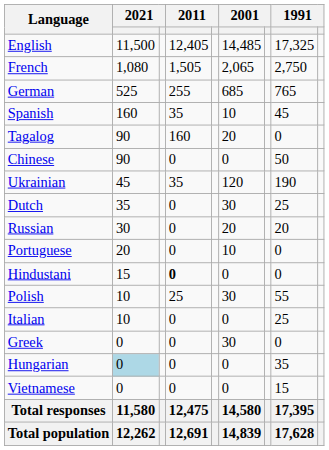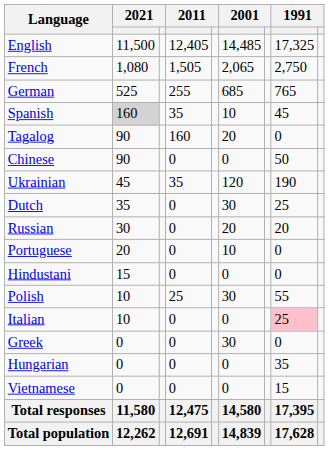 <table class="wikitable collapsible sortable">
 <tr>
 <th rowspan="2">Language</th>
 <th colspan="2">2021</th>
 <th colspan="2">2011</th>
 <th colspan="2">2001</th>
 <th colspan="2">1991</th>
 </tr>
 <tr>
 <th><a href='#'></a></th>
 <th></th>
 <th></th>
 <th></th>
 <th></th>
 <th></th>
 <th></th>
 <th></th>
 </tr>
 <tr>
 <td><a href='#'>English</a></td>
 <td>11,500</td>
 <td></td>
 <td>12,405</td>
 <td></td>
 <td>14,485</td>
 <td></td>
 <td>17,325</td>
 <td></td>
 </tr>
 <tr>
 <td><a href='#'>French</a></td>
 <td>1,080</td>
 <td></td>
 <td>1,505</td>
 <td></td>
 <td>2,065</td>
 <td></td>
 <td>2,750</td>
 <td></td>
 </tr>
 <tr>
 <td><a href='#'>German</a></td>
 <td>525</td>
 <td></td>
 <td>255</td>
 <td></td>
 <td>685</td>
 <td></td>
 <td>765</td>
 <td></td>
 </tr>
 <tr>
 <td><a href='#'>Spanish</a></td>
-<td>160</td>
+<td style="background: lightgrey;">160</td>
 <td></td>
 <td>35</td>
 <td></td>
 <td>10</td>
 <td></td>
 <td>45</td>
 <td></td>
 </tr>
 <tr>
 <td><a href='#'>Tagalog</a></td>
 <td>90</td>
 <td></td>
 <td>160</td>
 <td></td>
 <td>20</td>
 <td></td>
 <td>0</td>
 <td></td>
 </tr>
 <tr>
 <td><a href='#'>Chinese</a></td>
 <td>90</td>
 <td></td>
 <td>0</td>
 <td></td>
 <td>0</td>
 <td></td>
 <td>50</td>
 <td></td>
 </tr>
 <tr>
 <td><a href='#'>Ukrainian</a></td>
 <td>45</td>
 <td></td>
 <td>35</td>
 <td></td>
 <td>120</td>
 <td></td>
 <td>190</td>
 <td></td>
 </tr>
 <tr>
 <td><a href='#'>Dutch</a></td>
 <td>35</td>
 <td></td>
 <td>0</td>
 <td></td>
 <td>30</td>
 <td></td>
 <td>25</td>
 <td></td>
 </tr>
 <tr>
 <td><a href='#'>Russian</a></td>
 <td>30</td>
 <td></td>
 <td>0</td>
 <td></td>
 <td>20</td>
 <td></td>
 <td>20</td>
 <td></td>
 </tr>
 <tr>
 <td><a href='#'>Portuguese</a></td>
 <td>20</td>
 <td></td>
 <td>0</td>
 <td></td>
 <td>10</td>
 <td></td>
 <td>0</td>
 <td></td>
 </tr>
 <tr>
 <td><a href='#'>Hindustani</a></td>
 <td>15</td>
 <td></td>
-<td><strong>0</strong></td>
+<td>0</td>
 <td></td>
 <td>0</td>
 <td></td>
 <td>0</td>
 <td></td>
 </tr>
 <tr>
 <td><a href='#'>Polish</a></td>
 <td>10</td>
 <td></td>
 <td>25</td>
 <td></td>
 <td>30</td>
 <td></td>
 <td>55</td>
 <td></td>
 </tr>
 <tr>
 <td><a href='#'>Italian</a></td>
 <td>10</td>
 <td></td>
 <td>0</td>
 <td></td>
 <td>0</td>
 <td></td>
-<td>25</td>
+<td style="background: pink;">25</td>
 <td></td>
 </tr>
 <tr>
 <td><a href='#'>Greek</a></td>
 <td>0</td>
 <td></td>
 <td>0</td>
 <td></td>
 <td>30</td>
 <td></td>
 <td>0</td>
 <td></td>
 </tr>
 <tr>
 <td><a href='#'>Hungarian</a></td>
-<td style="background: lightblue;">0</td>
+<td>0</td>
 <td></td>
 <td>0</td>
 <td></td>
 <td>0</td>
 <td></td>
 <td>35</td>
 <td></td>
 </tr>
 <tr>
 <td><a href='#'>Vietnamese</a></td>
 <td>0</td>
 <td></td>
 <td>0</td>
 <td></td>
 <td>0</td>
 <td></td>
 <td>15</td>
 <td></td>
 </tr>
 <tr>
 <th>Total responses</th>
 <th>11,580</th>
 <th></th>
 <th>12,475</th>
 <th></th>
 <th>14,580</th>
 <th></th>
 <th>17,395</th>
 <th></th>
 </tr>
 <tr>
 <th>Total population</th>
 <th>12,262</th>
 <th></th>
 <th>12,691</th>
 <th></th>
 <th>14,839</th>
 <th></th>
 <th>17,628</th>
 <th></th>
 </tr>
 </table>
